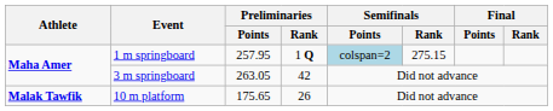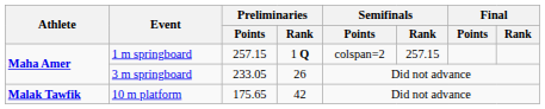 <table class="wikitable" style="text-align:center; font-size:90%; width:50%;">
 <tr>
 <th rowspan=2>Athlete</th>
 <th rowspan=2>Event</th>
 <th colspan=2>Preliminaries</th>
 <th colspan=2>Semifinals</th>
 <th colspan=2>Final</th>
 </tr>
 <tr style="font-size:95%">
 <th>Points</th>
 <th>Rank</th>
 <th>Points</th>
 <th>Rank</th>
 <th>Points</th>
 <th>Rank</th>
 </tr>
 <tr>
 <td align=left rowspan=2><strong><a href='#'>Maha Amer</a></strong></td>
 <td align=left><a href='#'>1 m springboard</a></td>
-<td>257.95</td>
+<td>257.15</td>
 <td>1 <strong>Q</strong></td>
-<td style="background: lightblue;">colspan=2 </td>
-<td>275.15</td>
+<td>colspan=2 </td>
+<td>257.15</td>
 <td></td>
 </tr>
 <tr>
 <td align=left><a href='#'>3 m springboard</a></td>
-<td>263.05</td>
-<td>42</td>
+<td>233.05</td>
+<td>26</td>
 <td colspan=4>Did not advance</td>
 </tr>
 <tr>
 <td align=left><strong><a href='#'>Malak Tawfik</a></strong></td>
 <td align=left><a href='#'>10 m platform</a></td>
 <td>175.65</td>
-<td>26</td>
+<td>42</td>
 <td colspan=4>Did not advance</td>
 </tr>
 </table>
